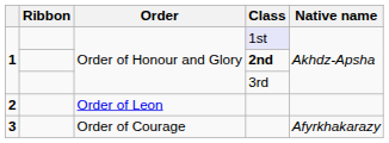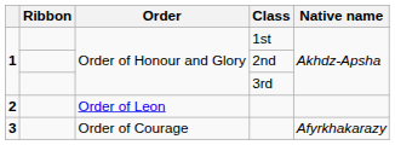 <table class="wikitable">
 <tr>
 <th></th>
 <th><strong>Ribbon</strong></th>
 <th><strong>Order</strong></th>
 <th><strong>Class</strong></th>
 <th><strong>Native name</strong></th>
 </tr>
 <tr>
 <td rowspan=3><strong>1</strong></td>
 <td></td>
 <td rowspan=3>Order of Honour and Glory</td>
-<td style="background: lavender;">1st</td>
+<td>1st</td>
 <td rowspan=3><em>Akhdz-Apsha</em></td>
 </tr>
 <tr>
 <td></td>
-<td><strong>2nd</strong></td>
+<td>2nd</td>
 </tr>
 <tr>
 <td></td>
 <td>3rd</td>
 </tr>
 <tr>
 <td><strong>2</strong></td>
 <td></td>
 <td><a href='#'>Order of Leon</a></td>
 <td></td>
 <td></td>
 </tr>
 <tr>
 <td rowspan=3><strong>3</strong></td>
 <td></td>
 <td>Order of Courage</td>
 <td></td>
 <td><em>Afyrkhakarazy</em></td>
 </tr>
 </table>
